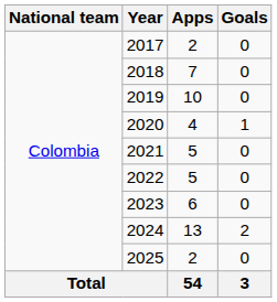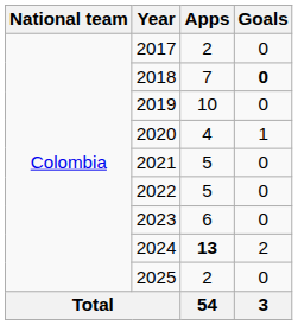 <table class="wikitable" style="text-align:center">
 <tr>
 <th>National team</th>
 <th>Year</th>
 <th>Apps</th>
 <th>Goals</th>
 </tr>
 <tr>
 <td rowspan="9"><a href='#'>Colombia</a></td>
 <td>2017</td>
 <td>2</td>
 <td>0</td>
 </tr>
 <tr>
 <td>2018</td>
 <td>7</td>
-<td>0</td>
+<td><strong>0</strong></td>
 </tr>
 <tr>
 <td>2019</td>
 <td>10</td>
 <td>0</td>
 </tr>
 <tr>
 <td>2020</td>
 <td>4</td>
 <td>1</td>
 </tr>
 <tr>
 <td>2021</td>
 <td>5</td>
 <td>0</td>
 </tr>
 <tr>
 <td>2022</td>
 <td>5</td>
 <td>0</td>
 </tr>
 <tr>
 <td>2023</td>
 <td>6</td>
 <td>0</td>
 </tr>
 <tr>
 <td>2024</td>
-<td>13</td>
+<td><strong>13</strong></td>
 <td>2</td>
 </tr>
 <tr>
 <td>2025</td>
 <td>2</td>
 <td>0</td>
 </tr>
 <tr>
 <th colspan="2">Total</th>
 <th>54</th>
 <th>3</th>
 </tr>
 </table>
